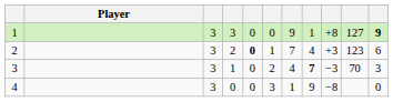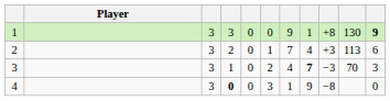 <table class="wikitable" style="text-align:center; margin: 1em auto 1em auto, align:left">
 <tr>
 <th width=20></th>
 <th width=240>Player</th>
 <th width=20></th>
 <th width=20></th>
 <th width=20></th>
 <th width=20></th>
 <th width=20></th>
 <th width=20></th>
 <th width=20></th>
 <th width=30></th>
 <th width=20></th>
 </tr>
 <tr style="background:#D0F0C0;">
 <td>1</td>
 <td align=left></td>
 <td>3</td>
 <td>3</td>
 <td>0</td>
 <td>0</td>
 <td>9</td>
 <td>1</td>
 <td>+8</td>
-<td>127</td>
+<td>130</td>
 <td><strong>9</strong></td>
 </tr>
 <tr style=>
 <td>2</td>
 <td align=left></td>
 <td>3</td>
 <td>2</td>
-<td><strong>0</strong></td>
+<td>0</td>
 <td>1</td>
 <td>7</td>
 <td>4</td>
 <td>+3</td>
-<td>123</td>
+<td>113</td>
 <td>6</td>
 </tr>
 <tr style=>
 <td>3</td>
 <td align=left></td>
 <td>3</td>
 <td>1</td>
 <td>0</td>
 <td>2</td>
 <td>4</td>
 <td><strong>7</strong></td>
 <td>−3</td>
 <td>70</td>
 <td>3</td>
 </tr>
 <tr style=>
 <td>4</td>
 <td align=left></td>
 <td>3</td>
-<td>0</td>
+<td><strong>0</strong></td>
 <td>0</td>
 <td>3</td>
 <td>1</td>
 <td>9</td>
 <td>−8</td>
 <td></td>
 <td>0</td>
 </tr>
 </table>
